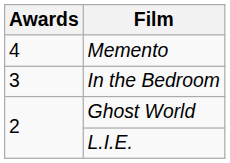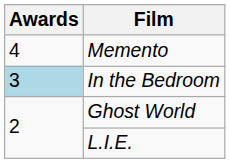 <table class="wikitable">
 <tr>
 <th>Awards</th>
 <th>Film</th>
 </tr>
 <tr>
 <td>4</td>
 <td><em>Memento</em></td>
 </tr>
 <tr>
-<td>3</td>
+<td style="background: lightblue;">3</td>
 <td><em>In the Bedroom</em></td>
 </tr>
 <tr>
 <td rowspan="2" 2>2</td>
 <td><em>Ghost World</em></td>
 </tr>
 <tr>
 <td><em>L.I.E.</em></td>
 </tr>
 </table>
